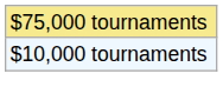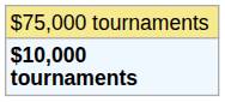 <table class="wikitable" style="font-size:85%; width:11%;">
 <tr style="background:#f7e98e;">
 <td>$75,000 tournaments</td>
 </tr>
 <tr style="background:#f0f8ff;">
-<td>$10,000 tournaments</td>
+<td><strong>$10,000 tournaments</strong></td>
 </tr>
 </table>
